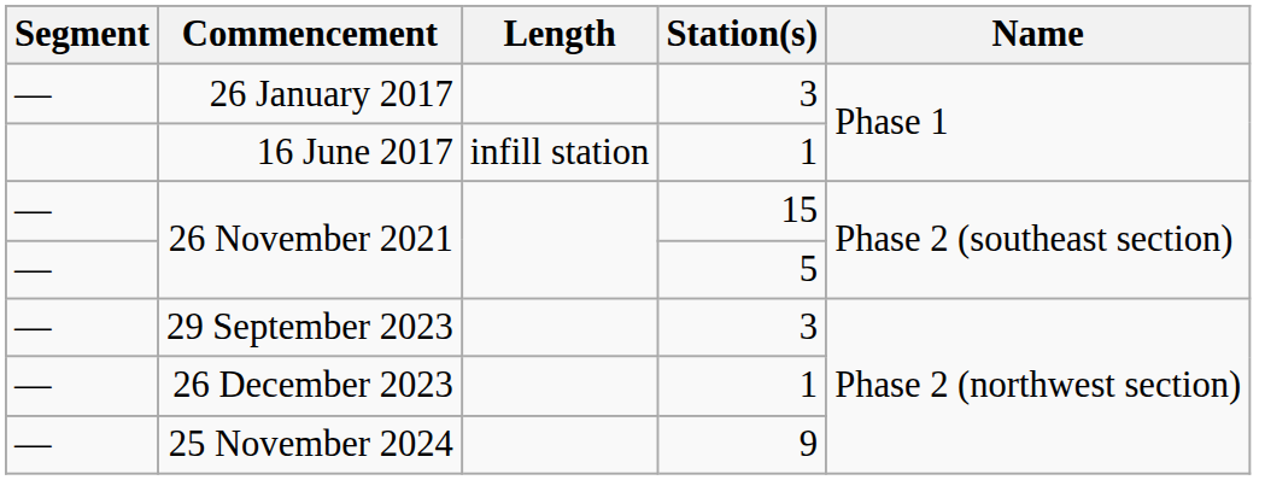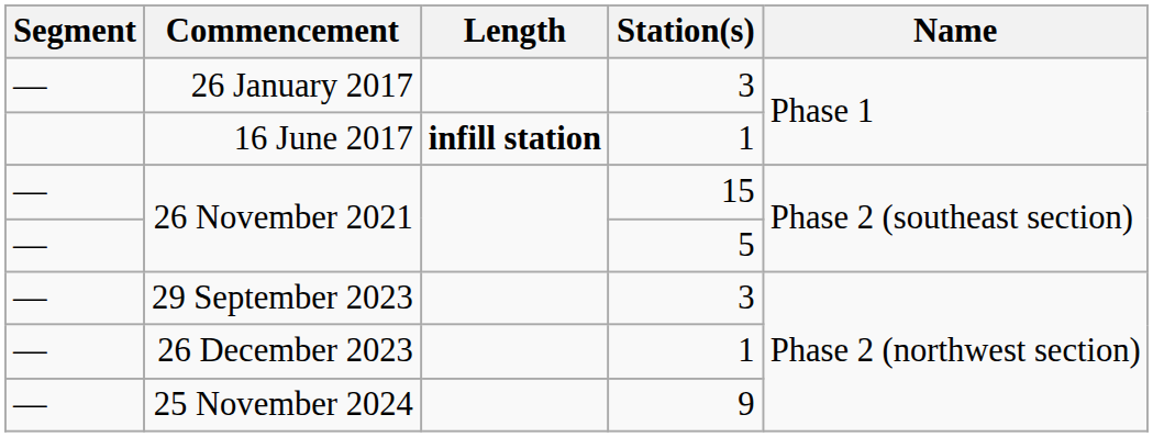 <table class="wikitable" style="border-collapse: collapse; text-align: right;">
 <tr>
 <th>Segment</th>
 <th>Commencement</th>
 <th>Length</th>
 <th>Station(s)</th>
 <th>Name</th>
 </tr>
 <tr>
 <td style="text-align: left;"> —<br> </td>
 <td>26 January 2017</td>
 <td></td>
 <td>3</td>
 <td rowspan="2" style="text-align: left;">Phase 1</td>
 </tr>
 <tr>
 <td style="text-align: left;"></td>
 <td>16 June 2017</td>
-<td>infill station</td>
+<td><strong>infill station</strong></td>
 <td>1</td>
 </tr>
 <tr>
 <td style="text-align: left;"> —<br> </td>
 <td rowspan="2">26 November 2021</td>
 <td rowspan="2"></td>
 <td>15</td>
 <td rowspan="2" style="text-align: left;">Phase 2 (southeast section)</td>
 </tr>
 <tr>
 <td style="text-align: left;"> —<br> </td>
 <td>5</td>
 </tr>
 <tr>
 <td style="text-align: left;"> — </td>
 <td>29 September 2023</td>
 <td></td>
 <td>3</td>
 <td rowspan="3">Phase 2 (northwest section)</td>
 </tr>
 <tr>
 <td style="text-align: left;"> — </td>
 <td>26 December 2023</td>
 <td></td>
 <td>1</td>
 </tr>
 <tr>
 <td style="text-align: left;"> — </td>
 <td>25 November 2024</td>
 <td></td>
 <td>9</td>
 </tr>
 </table>
